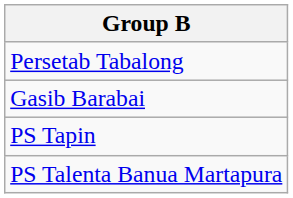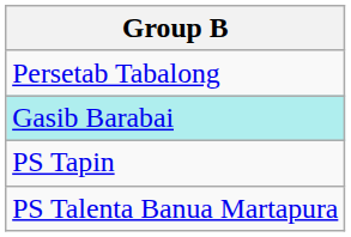 <table class="wikitable">
 <tr>
 <th><strong>Group B</strong></th>
 </tr>
 <tr>
 <td><a href='#'>Persetab Tabalong</a></td>
 </tr>
 <tr>
-<td><a href='#'>Gasib Barabai</a></td>
+<td style="background: paleturquoise;"><a href='#'>Gasib Barabai</a></td>
 </tr>
 <tr>
 <td><a href='#'>PS Tapin</a></td>
 </tr>
 <tr>
 <td><a href='#'>PS Talenta Banua Martapura</a></td>
 </tr>
 </table>
